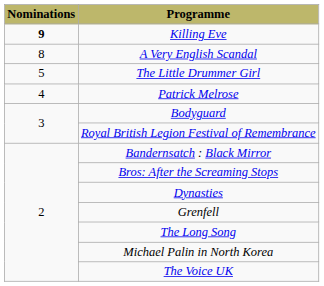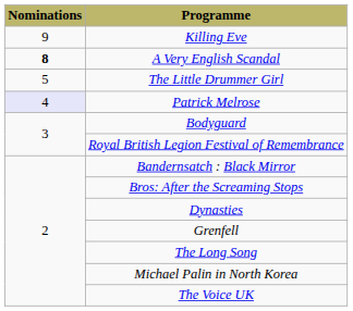 <table class="wikitable" style="text-align:center;">
 <tr>
 <th style="background:#BDB76B;">Nominations</th>
 <th style="background:#BDB76B;">Programme</th>
 </tr>
 <tr>
-<td><strong>9</strong></td>
+<td>9</td>
 <td><em><a href='#'>Killing Eve</a></em></td>
 </tr>
 <tr>
-<td>8</td>
+<td><strong>8</strong></td>
 <td><em><a href='#'>A Very English Scandal</a></em></td>
 </tr>
 <tr>
 <td>5</td>
 <td><em><a href='#'>The Little Drummer Girl</a></em></td>
 </tr>
 <tr>
-<td>4</td>
+<td style="background: lavender;">4</td>
 <td><em><a href='#'>Patrick Melrose</a></em></td>
 </tr>
 <tr>
 <td rowspan="2">3</td>
 <td><em><a href='#'>Bodyguard</a></em></td>
 </tr>
 <tr>
 <td><em><a href='#'>Royal British Legion Festival of Remembrance</a></em></td>
 </tr>
 <tr>
 <td rowspan="7">2</td>
 <td><em><a href='#'>Bandernsatch</a> : <a href='#'>Black Mirror</a></em></td>
 </tr>
 <tr>
 <td><em><a href='#'>Bros: After the Screaming Stops</a></em></td>
 </tr>
 <tr>
 <td><em><a href='#'>Dynasties</a></em></td>
 </tr>
 <tr>
 <td><em>Grenfell</em></td>
 </tr>
 <tr>
 <td><em><a href='#'>The Long Song</a></em></td>
 </tr>
 <tr>
 <td><em>Michael Palin in North Korea</em></td>
 </tr>
 <tr>
 <td><em><a href='#'>The Voice UK</a></em></td>
 </tr>
 </table>
